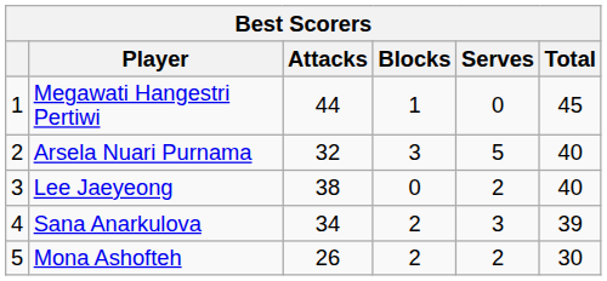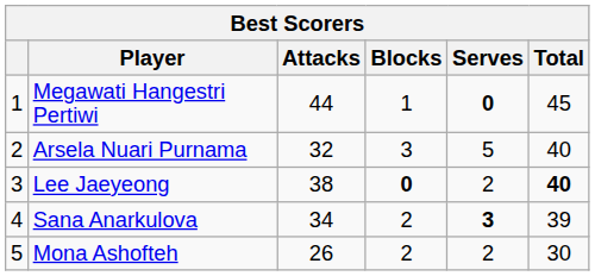 <table class="wikitable sortable" style=font-size:90%>
 <tr>
 <th colspan=6>Best Scorers</th>
 </tr>
 <tr>
 <th></th>
 <th width=158>Player</th>
 <th width=20>Attacks</th>
 <th width=20>Blocks</th>
 <th width=20>Serves</th>
 <th width=20>Total</th>
 </tr>
 <tr>
 <td>1</td>
 <td> <a href='#'>Megawati Hangestri Pertiwi</a></td>
 <td align=center>44</td>
 <td align=center>1</td>
-<td align=center>0</td>
+<td align=center><strong>0</strong></td>
 <td align=center>45</td>
 </tr>
 <tr>
 <td>2</td>
 <td> <a href='#'>Arsela Nuari Purnama</a></td>
 <td align=center>32</td>
 <td align=center>3</td>
 <td align=center>5</td>
 <td align=center>40</td>
 </tr>
 <tr>
 <td>3</td>
 <td> <a href='#'>Lee Jaeyeong</a></td>
 <td align=center>38</td>
-<td align=center>0</td>
+<td align=center><strong>0</strong></td>
 <td align=center>2</td>
-<td align=center>40</td>
+<td align=center><strong>40</strong></td>
 </tr>
 <tr>
 <td>4</td>
 <td> <a href='#'>Sana Anarkulova</a></td>
 <td align=center>34</td>
 <td align=center>2</td>
-<td align=center>3</td>
+<td align=center><strong>3</strong></td>
 <td align=center>39</td>
 </tr>
 <tr>
 <td>5</td>
 <td> <a href='#'>Mona Ashofteh</a></td>
 <td align=center>26</td>
 <td align=center>2</td>
 <td align=center>2</td>
 <td align=center>30</td>
 </tr>
 </table>
